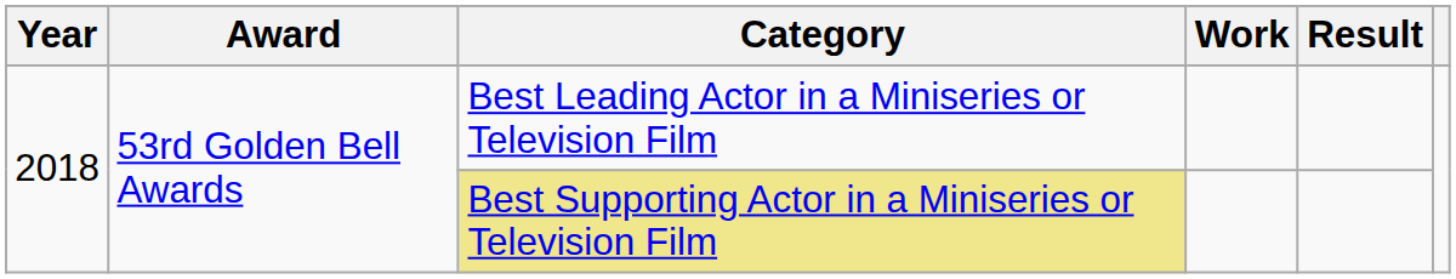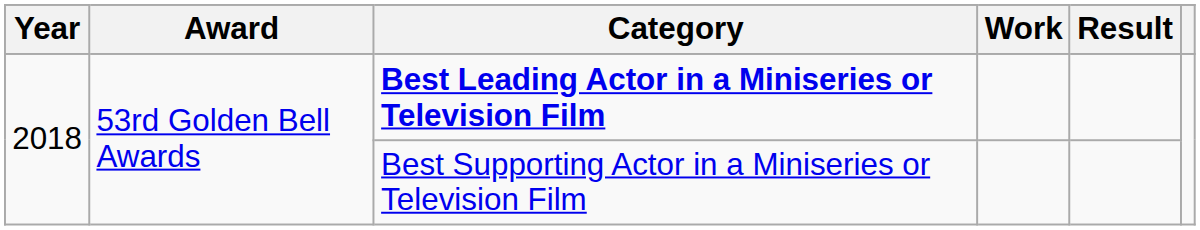 <table class="wikitable plainrowheaders">
 <tr>
 <th>Year</th>
 <th>Award</th>
 <th>Category</th>
 <th>Work</th>
 <th>Result</th>
 <th></th>
 </tr>
 <tr>
 <td rowspan="2">2018</td>
 <td rowspan="2"><a href='#'>53rd Golden Bell Awards</a></td>
-<td><a href='#'>Best Leading Actor in a Miniseries or Television Film</a></td>
+<td><strong><a href='#'>Best Leading Actor in a Miniseries or Television Film</a></strong></td>
 <td><em></em></td>
 <td></td>
 <td rowspan="2"></td>
 </tr>
 <tr>
-<td style="background: khaki;"><a href='#'>Best Supporting Actor in a Miniseries or Television Film</a></td>
+<td><a href='#'>Best Supporting Actor in a Miniseries or Television Film</a></td>
 <td><em></em></td>
 <td></td>
 </tr>
 </table>
